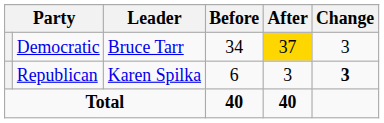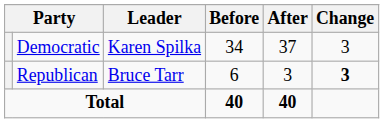 <table class="wikitable" style="text-align:center;">
 <tr>
 </tr>
 <tr>
 <th colspan=2>Party</th>
 <th>Leader</th>
 <th>Before</th>
 <th>After</th>
 <th>Change</th>
 </tr>
 <tr>
 <th style="background-color:"></th>
 <td style="text-align:left;"><a href='#'>Democratic</a></td>
-<td style="text-align:left;"><a href='#'>Bruce Tarr</a></td>
+<td style="text-align:left;"><a href='#'>Karen Spilka</a></td>
 <td>34</td>
-<td style="background: gold;">37</td>
+<td>37</td>
 <td> 3</td>
 </tr>
 <tr>
 <th style="background-color:"></th>
 <td style="text-align:left;"><a href='#'>Republican</a></td>
-<td style="text-align:left;"><a href='#'>Karen Spilka</a></td>
+<td style="text-align:left;"><a href='#'>Bruce Tarr</a></td>
 <td>6</td>
 <td>3</td>
 <td><strong> 3</strong></td>
 </tr>
 <tr>
 <td colspan=3><strong>Total</strong></td>
 <td><strong>40</strong></td>
 <td><strong>40</strong></td>
 <td></td>
 </tr>
 </table>
